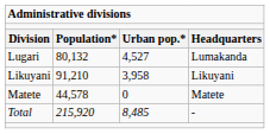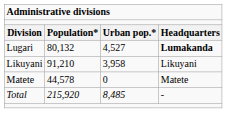 <table class="wikitable">
 <tr>
 <td colspan="4"><strong>Administrative divisions</strong></td>
 </tr>
 <tr>
 <td colspan="4"></td>
 </tr>
 <tr>
 <th>Division</th>
 <th>Population*</th>
 <th>Urban pop.*</th>
 <th>Headquarters</th>
 </tr>
 <tr>
 <td>Lugari</td>
 <td>80,132</td>
 <td>4,527</td>
-<td>Lumakanda</td>
+<td><strong>Lumakanda</strong></td>
 </tr>
 <tr>
 <td>Likuyani</td>
 <td>91,210</td>
 <td>3,958</td>
 <td>Likuyani</td>
 </tr>
 <tr>
 <td>Matete</td>
 <td>44,578</td>
 <td>0</td>
 <td>Matete</td>
 </tr>
 <tr>
 <td><em>Total</em></td>
 <td><em>215,920</em></td>
 <td><em>8,485</em></td>
 <td>-</td>
 </tr>
 <tr>
 <td colspan="4"></td>
 </tr>
 </table>
